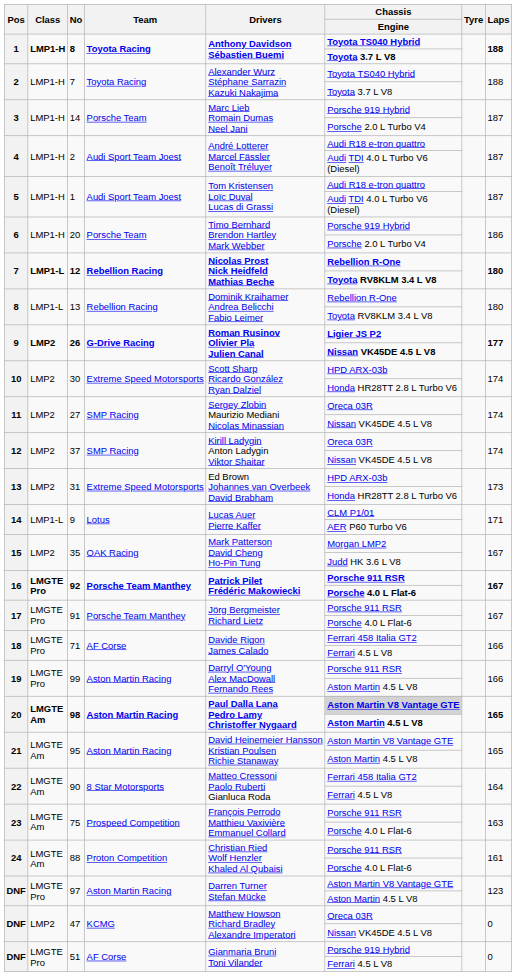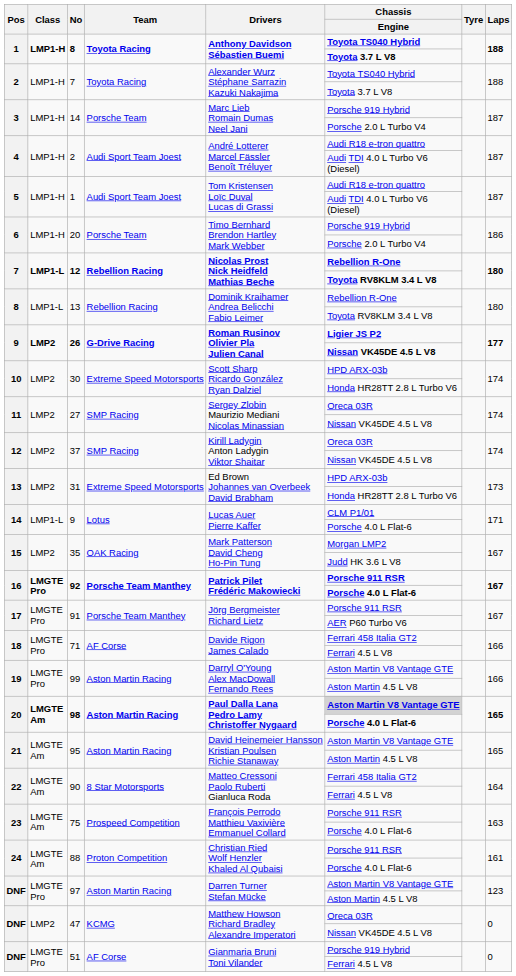 <table class="wikitable" style="font-size: 95%;">
 <tr>
 <th rowspan=2>Pos</th>
 <th rowspan=2>Class</th>
 <th rowspan=2>No</th>
 <th rowspan=2>Team</th>
 <th rowspan=2>Drivers</th>
 <th>Chassis</th>
 <th rowspan=2>Tyre</th>
 <th rowspan=2>Laps</th>
 </tr>
 <tr>
 <th>Engine</th>
 </tr>
 <tr style="font-weight:bold">
 <th rowspan=2>1</th>
 <td rowspan=2>LMP1-H</td>
 <td rowspan=2>8</td>
 <td rowspan=2> <a href='#'>Toyota Racing</a></td>
 <td rowspan=2> <a href='#'>Anthony Davidson</a><br> <a href='#'>Sébastien Buemi</a></td>
 <td><a href='#'>Toyota TS040 Hybrid</a></td>
 <td rowspan=2></td>
 <td rowspan=2>188</td>
 </tr>
 <tr style="font-weight:bold">
 <td><a href='#'>Toyota</a> 3.7 L V8</td>
 </tr>
 <tr>
 <th rowspan=2>2</th>
 <td rowspan=2>LMP1-H</td>
 <td rowspan=2>7</td>
 <td rowspan=2> <a href='#'>Toyota Racing</a></td>
 <td rowspan=2> <a href='#'>Alexander Wurz</a><br> <a href='#'>Stéphane Sarrazin</a><br> <a href='#'>Kazuki Nakajima</a></td>
 <td><a href='#'>Toyota TS040 Hybrid</a></td>
 <td rowspan=2></td>
 <td rowspan=2>188</td>
 </tr>
 <tr>
 <td><a href='#'>Toyota</a> 3.7 L V8</td>
 </tr>
 <tr>
 <th rowspan=2>3</th>
 <td rowspan=2>LMP1-H</td>
 <td rowspan=2>14</td>
 <td rowspan=2> <a href='#'>Porsche Team</a></td>
 <td rowspan=2> <a href='#'>Marc Lieb</a><br> <a href='#'>Romain Dumas</a><br> <a href='#'>Neel Jani</a></td>
 <td><a href='#'>Porsche 919 Hybrid</a></td>
 <td rowspan=2></td>
 <td rowspan=2>187</td>
 </tr>
 <tr>
 <td><a href='#'>Porsche</a> 2.0 L Turbo V4</td>
 </tr>
 <tr>
 <th rowspan=2>4</th>
 <td rowspan=2>LMP1-H</td>
 <td rowspan=2>2</td>
 <td rowspan=2> <a href='#'>Audi Sport Team Joest</a></td>
 <td rowspan=2> <a href='#'>André Lotterer</a><br> <a href='#'>Marcel Fässler</a><br> <a href='#'>Benoît Tréluyer</a></td>
 <td><a href='#'>Audi R18 e-tron quattro</a></td>
 <td rowspan=2></td>
 <td rowspan=2>187</td>
 </tr>
 <tr>
 <td><a href='#'>Audi</a> <a href='#'>TDI</a> 4.0 L Turbo V6<br>(Diesel)</td>
 </tr>
 <tr>
 <th rowspan=2>5</th>
 <td rowspan=2>LMP1-H</td>
 <td rowspan=2>1</td>
 <td rowspan=2> <a href='#'>Audi Sport Team Joest</a></td>
 <td rowspan=2> <a href='#'>Tom Kristensen</a><br> <a href='#'>Loïc Duval</a><br> <a href='#'>Lucas di Grassi</a></td>
 <td><a href='#'>Audi R18 e-tron quattro</a></td>
 <td rowspan=2></td>
 <td rowspan=2>187</td>
 </tr>
 <tr>
 <td><a href='#'>Audi</a> <a href='#'>TDI</a> 4.0 L Turbo V6<br>(Diesel)</td>
 </tr>
 <tr>
 <th rowspan=2>6</th>
 <td rowspan=2>LMP1-H</td>
 <td rowspan=2>20</td>
 <td rowspan=2> <a href='#'>Porsche Team</a></td>
 <td rowspan=2> <a href='#'>Timo Bernhard</a><br> <a href='#'>Brendon Hartley</a><br> <a href='#'>Mark Webber</a></td>
 <td><a href='#'>Porsche 919 Hybrid</a></td>
 <td rowspan=2></td>
 <td rowspan=2>186</td>
 </tr>
 <tr>
 <td><a href='#'>Porsche</a> 2.0 L Turbo V4</td>
 </tr>
 <tr style="font-weight:bold">
 <th rowspan=2>7</th>
 <td rowspan=2>LMP1-L</td>
 <td rowspan=2>12</td>
 <td rowspan=2> <a href='#'>Rebellion Racing</a></td>
 <td rowspan=2> <a href='#'>Nicolas Prost</a><br> <a href='#'>Nick Heidfeld</a><br> <a href='#'>Mathias Beche</a></td>
 <td><a href='#'>Rebellion R-One</a></td>
 <td rowspan=2></td>
 <td rowspan=2>180</td>
 </tr>
 <tr style="font-weight:bold">
 <td><a href='#'>Toyota</a> RV8KLM 3.4 L V8</td>
 </tr>
 <tr>
 <th rowspan=2>8</th>
 <td rowspan=2>LMP1-L</td>
 <td rowspan=2>13</td>
 <td rowspan=2> <a href='#'>Rebellion Racing</a></td>
 <td rowspan=2> <a href='#'>Dominik Kraihamer</a><br> <a href='#'>Andrea Belicchi</a><br> <a href='#'>Fabio Leimer</a></td>
 <td><a href='#'>Rebellion R-One</a></td>
 <td rowspan=2></td>
 <td rowspan=2>180</td>
 </tr>
 <tr>
 <td><a href='#'>Toyota</a> RV8KLM 3.4 L V8</td>
 </tr>
 <tr style="font-weight:bold">
 <th rowspan=2>9</th>
 <td rowspan=2>LMP2</td>
 <td rowspan=2>26</td>
 <td rowspan=2> <a href='#'>G-Drive Racing</a></td>
 <td rowspan=2> <a href='#'>Roman Rusinov</a><br> <a href='#'>Olivier Pla</a><br> <a href='#'>Julien Canal</a></td>
 <td><a href='#'>Ligier JS P2</a></td>
 <td rowspan=2></td>
 <td rowspan=2>177</td>
 </tr>
 <tr style="font-weight:bold">
 <td><a href='#'>Nissan</a> VK45DE 4.5 L V8</td>
 </tr>
 <tr>
 <th rowspan=2>10</th>
 <td rowspan=2>LMP2</td>
 <td rowspan=2>30</td>
 <td rowspan=2> <a href='#'>Extreme Speed Motorsports</a></td>
 <td rowspan=2> <a href='#'>Scott Sharp</a><br> <a href='#'>Ricardo González</a><br> <a href='#'>Ryan Dalziel</a></td>
 <td><a href='#'>HPD ARX-03b</a></td>
 <td rowspan=2></td>
 <td rowspan=2>174</td>
 </tr>
 <tr>
 <td><a href='#'>Honda</a> HR28TT 2.8 L Turbo V6</td>
 </tr>
 <tr>
 <th rowspan=2>11</th>
 <td rowspan=2>LMP2</td>
 <td rowspan=2>27</td>
 <td rowspan=2> <a href='#'>SMP Racing</a></td>
 <td rowspan=2> <a href='#'>Sergey Zlobin</a><br> Maurizio Mediani<br> <a href='#'>Nicolas Minassian</a></td>
 <td><a href='#'>Oreca 03R</a></td>
 <td rowspan=2></td>
 <td rowspan=2>174</td>
 </tr>
 <tr>
 <td><a href='#'>Nissan</a> VK45DE 4.5 L V8</td>
 </tr>
 <tr>
 <th rowspan=2>12</th>
 <td rowspan=2>LMP2</td>
 <td rowspan=2>37</td>
 <td rowspan=2> <a href='#'>SMP Racing</a></td>
 <td rowspan=2> <a href='#'>Kirill Ladygin</a><br> Anton Ladygin<br> <a href='#'>Viktor Shaitar</a></td>
 <td><a href='#'>Oreca 03R</a></td>
 <td rowspan=2></td>
 <td rowspan=2>174</td>
 </tr>
 <tr>
 <td><a href='#'>Nissan</a> VK45DE 4.5 L V8</td>
 </tr>
 <tr>
 <th rowspan=2>13</th>
 <td rowspan=2>LMP2</td>
 <td rowspan=2>31</td>
 <td rowspan=2> <a href='#'>Extreme Speed Motorsports</a></td>
 <td rowspan=2> Ed Brown<br> <a href='#'>Johannes van Overbeek</a><br> <a href='#'>David Brabham</a></td>
 <td><a href='#'>HPD ARX-03b</a></td>
 <td rowspan=2></td>
 <td rowspan=2>173</td>
 </tr>
 <tr>
 <td><a href='#'>Honda</a> HR28TT 2.8 L Turbo V6</td>
 </tr>
 <tr>
 <th rowspan=2>14</th>
 <td rowspan=2>LMP1-L</td>
 <td rowspan=2>9</td>
 <td rowspan=2> <a href='#'>Lotus</a></td>
 <td rowspan=2> <a href='#'>Lucas Auer</a><br> <a href='#'>Pierre Kaffer</a></td>
 <td><a href='#'>CLM P1/01</a></td>
 <td rowspan=2></td>
 <td rowspan=2>171</td>
 </tr>
 <tr>
-<td><a href='#'>AER</a> P60 Turbo V6</td>
+<td><a href='#'>Porsche</a> 4.0 L Flat-6</td>
 </tr>
 <tr>
 <th rowspan=2>15</th>
 <td rowspan=2>LMP2</td>
 <td rowspan=2>35</td>
 <td rowspan=2> <a href='#'>OAK Racing</a></td>
 <td rowspan=2> <a href='#'>Mark Patterson</a><br> <a href='#'>David Cheng</a><br> <a href='#'>Ho-Pin Tung</a></td>
 <td><a href='#'>Morgan LMP2</a></td>
 <td rowspan=2></td>
 <td rowspan=2>167</td>
 </tr>
 <tr>
 <td><a href='#'>Judd</a> HK 3.6 L V8</td>
 </tr>
 <tr style="font-weight:bold">
 <th rowspan=2>16</th>
 <td rowspan=2>LMGTE<br>Pro</td>
 <td rowspan=2>92</td>
 <td rowspan=2> <a href='#'>Porsche Team Manthey</a></td>
 <td rowspan=2> <a href='#'>Patrick Pilet</a><br> <a href='#'>Frédéric Makowiecki</a></td>
 <td><a href='#'>Porsche 911 RSR</a></td>
 <td rowspan=2></td>
 <td rowspan=2>167</td>
 </tr>
 <tr style="font-weight:bold">
 <td><a href='#'>Porsche</a> 4.0 L Flat-6</td>
 </tr>
 <tr>
 <th rowspan=2>17</th>
 <td rowspan=2>LMGTE<br>Pro</td>
 <td rowspan=2>91</td>
 <td rowspan=2> <a href='#'>Porsche Team Manthey</a></td>
 <td rowspan=2> <a href='#'>Jörg Bergmeister</a><br> <a href='#'>Richard Lietz</a></td>
 <td><a href='#'>Porsche 911 RSR</a></td>
 <td rowspan=2></td>
 <td rowspan=2>167</td>
 </tr>
 <tr>
-<td><a href='#'>Porsche</a> 4.0 L Flat-6</td>
+<td><a href='#'>AER</a> P60 Turbo V6</td>
 </tr>
 <tr>
 <th rowspan=2>18</th>
 <td rowspan=2>LMGTE<br>Pro</td>
 <td rowspan=2>71</td>
 <td rowspan=2> <a href='#'>AF Corse</a></td>
 <td rowspan=2> <a href='#'>Davide Rigon</a><br> <a href='#'>James Calado</a></td>
 <td><a href='#'>Ferrari 458 Italia GT2</a></td>
 <td rowspan=2></td>
 <td rowspan=2>166</td>
 </tr>
 <tr>
 <td><a href='#'>Ferrari</a> 4.5 L V8</td>
 </tr>
 <tr>
 <th rowspan=2>19</th>
 <td rowspan=2>LMGTE<br>Pro</td>
 <td rowspan=2>99</td>
 <td rowspan=2> <a href='#'>Aston Martin Racing</a></td>
 <td rowspan=2> <a href='#'>Darryl O'Young</a><br> <a href='#'>Alex MacDowall</a><br> <a href='#'>Fernando Rees</a></td>
-<td><a href='#'>Porsche 911 RSR</a></td>
+<td><a href='#'>Aston Martin V8 Vantage GTE</a></td>
 <td rowspan=2></td>
 <td rowspan=2>166</td>
 </tr>
 <tr>
 <td><a href='#'>Aston Martin</a> 4.5 L V8</td>
 </tr>
 <tr style="font-weight:bold">
 <th rowspan=2>20</th>
 <td rowspan=2>LMGTE<br>Am</td>
 <td rowspan=2>98</td>
 <td rowspan=2> <a href='#'>Aston Martin Racing</a></td>
 <td rowspan=2> <a href='#'>Paul Dalla Lana</a><br> <a href='#'>Pedro Lamy</a><br> <a href='#'>Christoffer Nygaard</a></td>
 <td style="background: lightgrey;"><a href='#'>Aston Martin V8 Vantage GTE</a></td>
 <td rowspan=2></td>
 <td rowspan=2>165</td>
 </tr>
 <tr style="font-weight:bold">
-<td><a href='#'>Aston Martin</a> 4.5 L V8</td>
+<td><a href='#'>Porsche</a> 4.0 L Flat-6</td>
 </tr>
 <tr>
 <th rowspan=2>21</th>
 <td rowspan=2>LMGTE<br>Am</td>
 <td rowspan=2>95</td>
 <td rowspan=2> <a href='#'>Aston Martin Racing</a></td>
 <td rowspan=2> <a href='#'>David Heinemeier Hansson</a><br> <a href='#'>Kristian Poulsen</a><br> <a href='#'>Richie Stanaway</a></td>
 <td><a href='#'>Aston Martin V8 Vantage GTE</a></td>
 <td rowspan=2></td>
 <td rowspan=2>165</td>
 </tr>
 <tr>
 <td><a href='#'>Aston Martin</a> 4.5 L V8</td>
 </tr>
 <tr>
 <th rowspan=2>22</th>
 <td rowspan=2>LMGTE<br>Am</td>
 <td rowspan=2>90</td>
 <td rowspan=2> <a href='#'>8 Star Motorsports</a></td>
 <td rowspan=2> <a href='#'>Matteo Cressoni</a><br> <a href='#'>Paolo Ruberti</a><br> Gianluca Roda</td>
 <td><a href='#'>Ferrari 458 Italia GT2</a></td>
 <td rowspan=2></td>
 <td rowspan=2>164</td>
 </tr>
 <tr>
 <td><a href='#'>Ferrari</a> 4.5 L V8</td>
 </tr>
 <tr>
 <th rowspan=2>23</th>
 <td rowspan=2>LMGTE<br>Am</td>
 <td rowspan=2>75</td>
 <td rowspan=2> <a href='#'>Prospeed Competition</a></td>
 <td rowspan=2> <a href='#'>François Perrodo</a><br> <a href='#'>Matthieu Vaxivière</a><br> <a href='#'>Emmanuel Collard</a></td>
 <td><a href='#'>Porsche 911 RSR</a></td>
 <td rowspan=2></td>
 <td rowspan=2>163</td>
 </tr>
 <tr>
 <td><a href='#'>Porsche</a> 4.0 L Flat-6</td>
 </tr>
 <tr>
 <th rowspan=2>24</th>
 <td rowspan=2>LMGTE<br>Am</td>
 <td rowspan=2>88</td>
 <td rowspan=2> <a href='#'>Proton Competition</a></td>
 <td rowspan=2> <a href='#'>Christian Ried</a><br> <a href='#'>Wolf Henzler</a><br> <a href='#'>Khaled Al Qubaisi</a></td>
 <td><a href='#'>Porsche 911 RSR</a></td>
 <td rowspan=2></td>
 <td rowspan=2>161</td>
 </tr>
 <tr>
 <td><a href='#'>Porsche</a> 4.0 L Flat-6</td>
 </tr>
 <tr>
 <th rowspan=2>DNF</th>
 <td rowspan=2>LMGTE<br>Pro</td>
 <td rowspan=2>97</td>
 <td rowspan=2> <a href='#'>Aston Martin Racing</a></td>
 <td rowspan=2> <a href='#'>Darren Turner</a><br> <a href='#'>Stefan Mücke</a></td>
 <td><a href='#'>Aston Martin V8 Vantage GTE</a></td>
 <td rowspan=2></td>
 <td rowspan=2>123</td>
 </tr>
 <tr>
 <td><a href='#'>Aston Martin</a> 4.5 L V8</td>
 </tr>
 <tr>
 <th rowspan=2>DNF</th>
 <td rowspan=2>LMP2</td>
 <td rowspan=2>47</td>
 <td rowspan=2> <a href='#'>KCMG</a></td>
 <td rowspan=2> <a href='#'>Matthew Howson</a><br> <a href='#'>Richard Bradley</a><br> <a href='#'>Alexandre Imperatori</a></td>
 <td><a href='#'>Oreca 03R</a></td>
 <td rowspan=2></td>
 <td rowspan=2>0</td>
 </tr>
 <tr>
 <td><a href='#'>Nissan</a> VK45DE 4.5 L V8</td>
 </tr>
 <tr>
 <th rowspan=2>DNF</th>
 <td rowspan=2>LMGTE<br>Pro</td>
 <td rowspan=2>51</td>
 <td rowspan=2> <a href='#'>AF Corse</a></td>
 <td rowspan=2> <a href='#'>Gianmaria Bruni</a><br> <a href='#'>Toni Vilander</a></td>
 <td><a href='#'>Porsche 919 Hybrid</a></td>
 <td rowspan=2></td>
 <td rowspan=2>0</td>
 </tr>
 <tr>
 <td><a href='#'>Ferrari</a> 4.5 L V8</td>
 </tr>
 </table>
